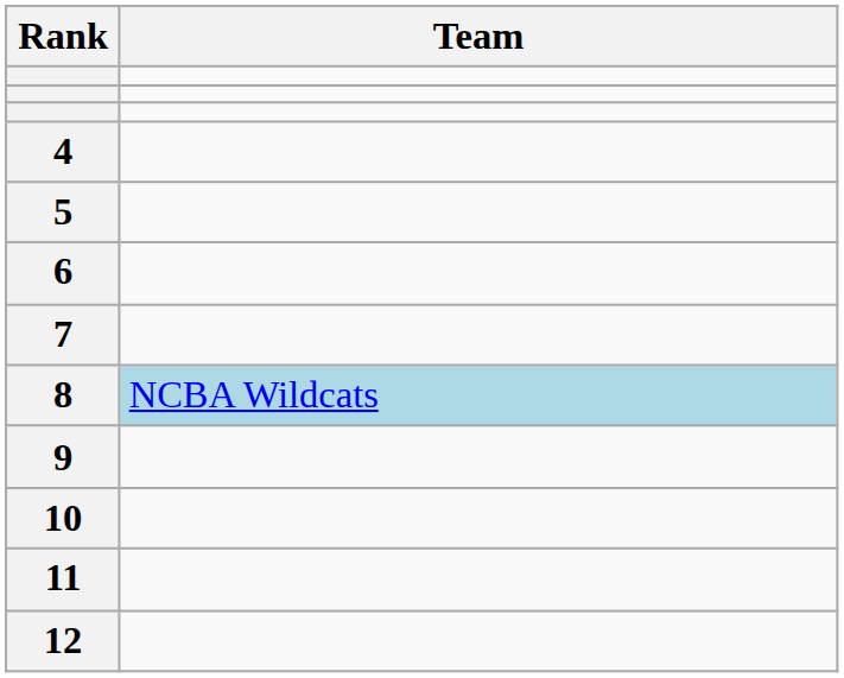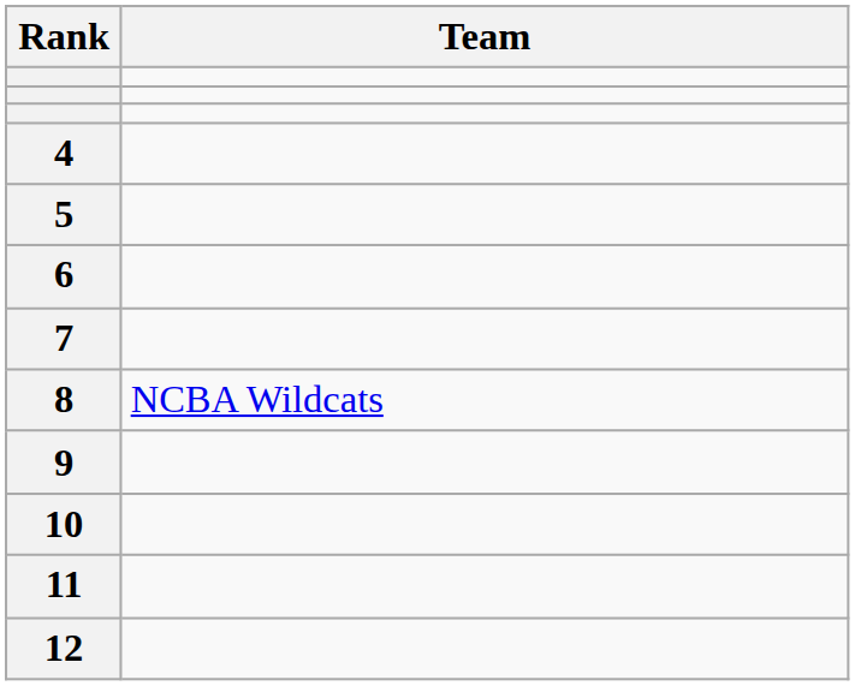 <table class="wikitable" style="text-align: center;">
 <tr>
 <th width=40>Rank</th>
 <th width=290>Team</th>
 </tr>
 <tr>
 <th></th>
 <td style="text-align:left;"></td>
 </tr>
 <tr>
 <th></th>
 <td style="text-align:left;"></td>
 </tr>
 <tr>
 <th></th>
 <td style="text-align:left;"></td>
 </tr>
 <tr>
 <th>4</th>
 <td style="text-align:left;"></td>
 </tr>
 <tr>
 <th>5</th>
 <td style="text-align:left;"></td>
 </tr>
 <tr>
 <th>6</th>
 <td style="text-align:left;"></td>
 </tr>
 <tr>
 <th>7</th>
 <td style="text-align:left;"></td>
 </tr>
 <tr>
 <th>8</th>
-<td style="background: lightblue; text-align:left;"> <a href='#'>NCBA Wildcats</a></td>
+<td style="text-align:left;"> <a href='#'>NCBA Wildcats</a></td>
 </tr>
 <tr>
 <th>9</th>
 <td style="text-align:left;"></td>
 </tr>
 <tr>
 <th>10</th>
 <td style="text-align:left;"></td>
 </tr>
 <tr>
 <th>11</th>
 <td style="text-align:left;"></td>
 </tr>
 <tr>
 <th>12</th>
 <td style="text-align:left;"></td>
 </tr>
 </table>
